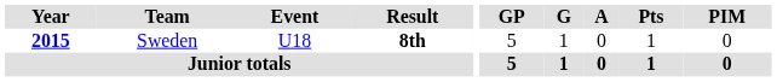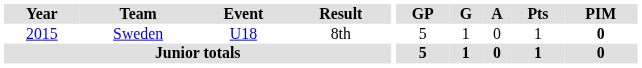 <table border="0" cellpadding="1" cellspacing="0" ID="Table3" style="text-align:center; width:40em">
 <tr ALIGN="center" bgcolor="#e0e0e0">
 <th>Year</th>
 <th>Team</th>
 <th>Event</th>
 <th>Result</th>
 <th rowspan="99" bgcolor="#ffffff"></th>
 <th>GP</th>
 <th>G</th>
 <th>A</th>
 <th>Pts</th>
 <th>PIM</th>
 </tr>
 <tr>
-<td><strong><a href='#'>2015</a></strong></td>
+<td><a href='#'>2015</a></td>
 <td><a href='#'>Sweden</a></td>
 <td><a href='#'>U18</a></td>
-<td><strong>8th</strong></td>
+<td>8th</td>
 <td>5</td>
 <td>1</td>
 <td>0</td>
 <td>1</td>
-<td>0</td>
+<td><strong>0</strong></td>
 </tr>
 <tr bgcolor="#e0e0e0">
 <th colspan="4">Junior totals</th>
 <th>5</th>
 <th>1</th>
 <th>0</th>
 <th>1</th>
 <th>0</th>
 </tr>
 </table>
